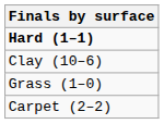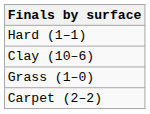 <table class=wikitable style=font-size:97%>
 <tr>
 <th>Finals by surface</th>
 </tr>
 <tr>
-<td><strong>Hard (1–1)</strong></td>
+<td>Hard (1–1)</td>
 </tr>
 <tr>
 <td>Clay (10–6)</td>
 </tr>
 <tr>
 <td>Grass (1–0)</td>
 </tr>
 <tr>
 <td>Carpet (2–2)</td>
 </tr>
 </table>
